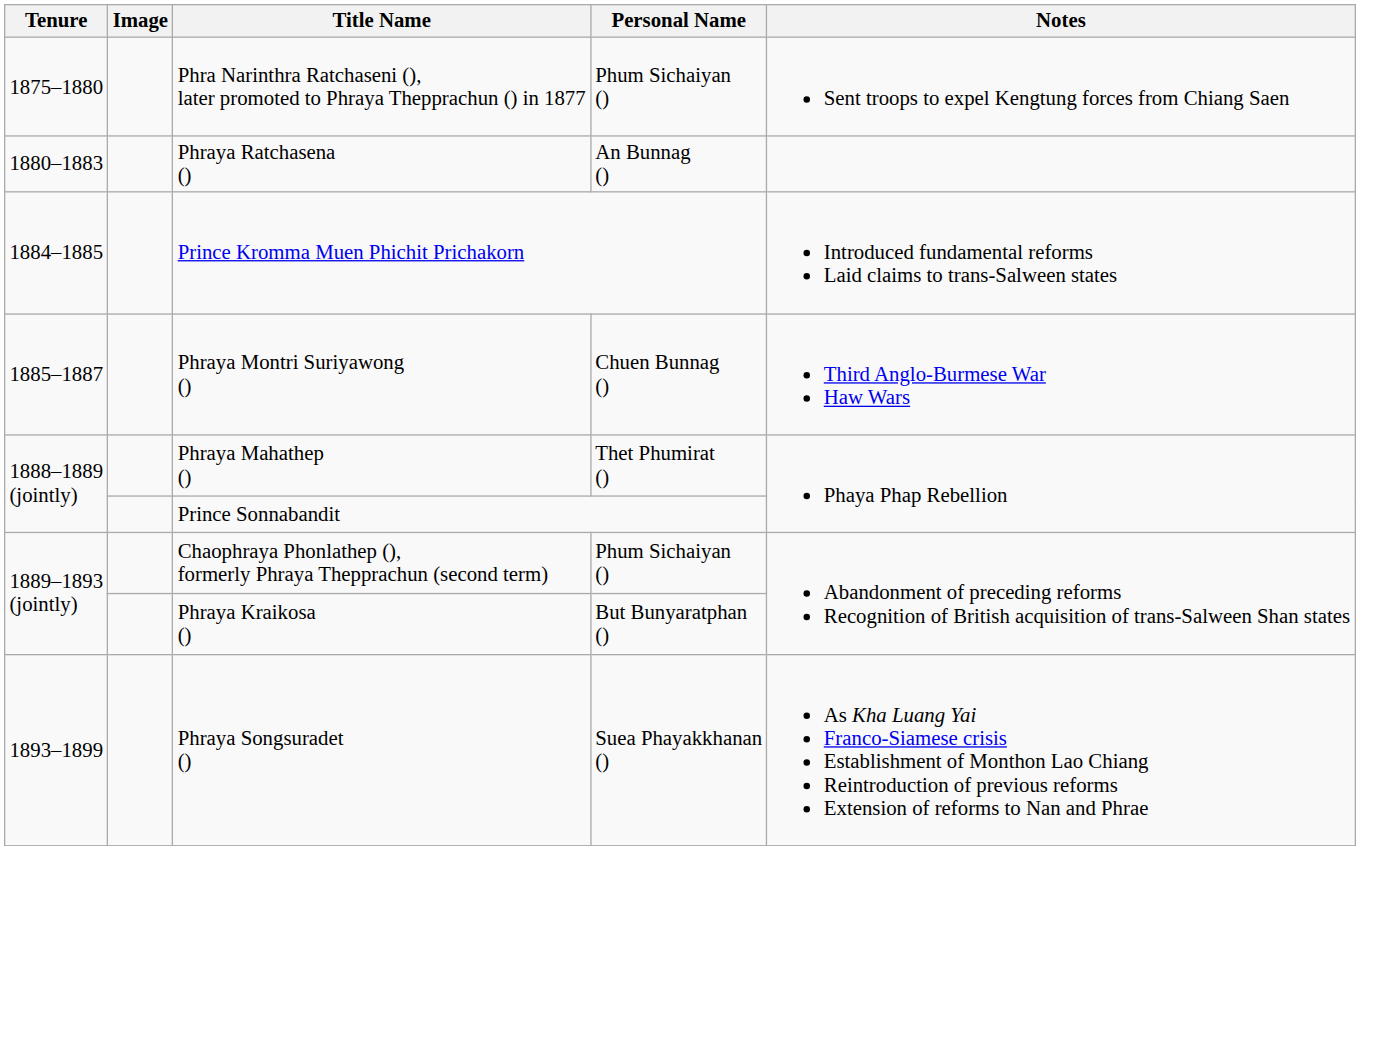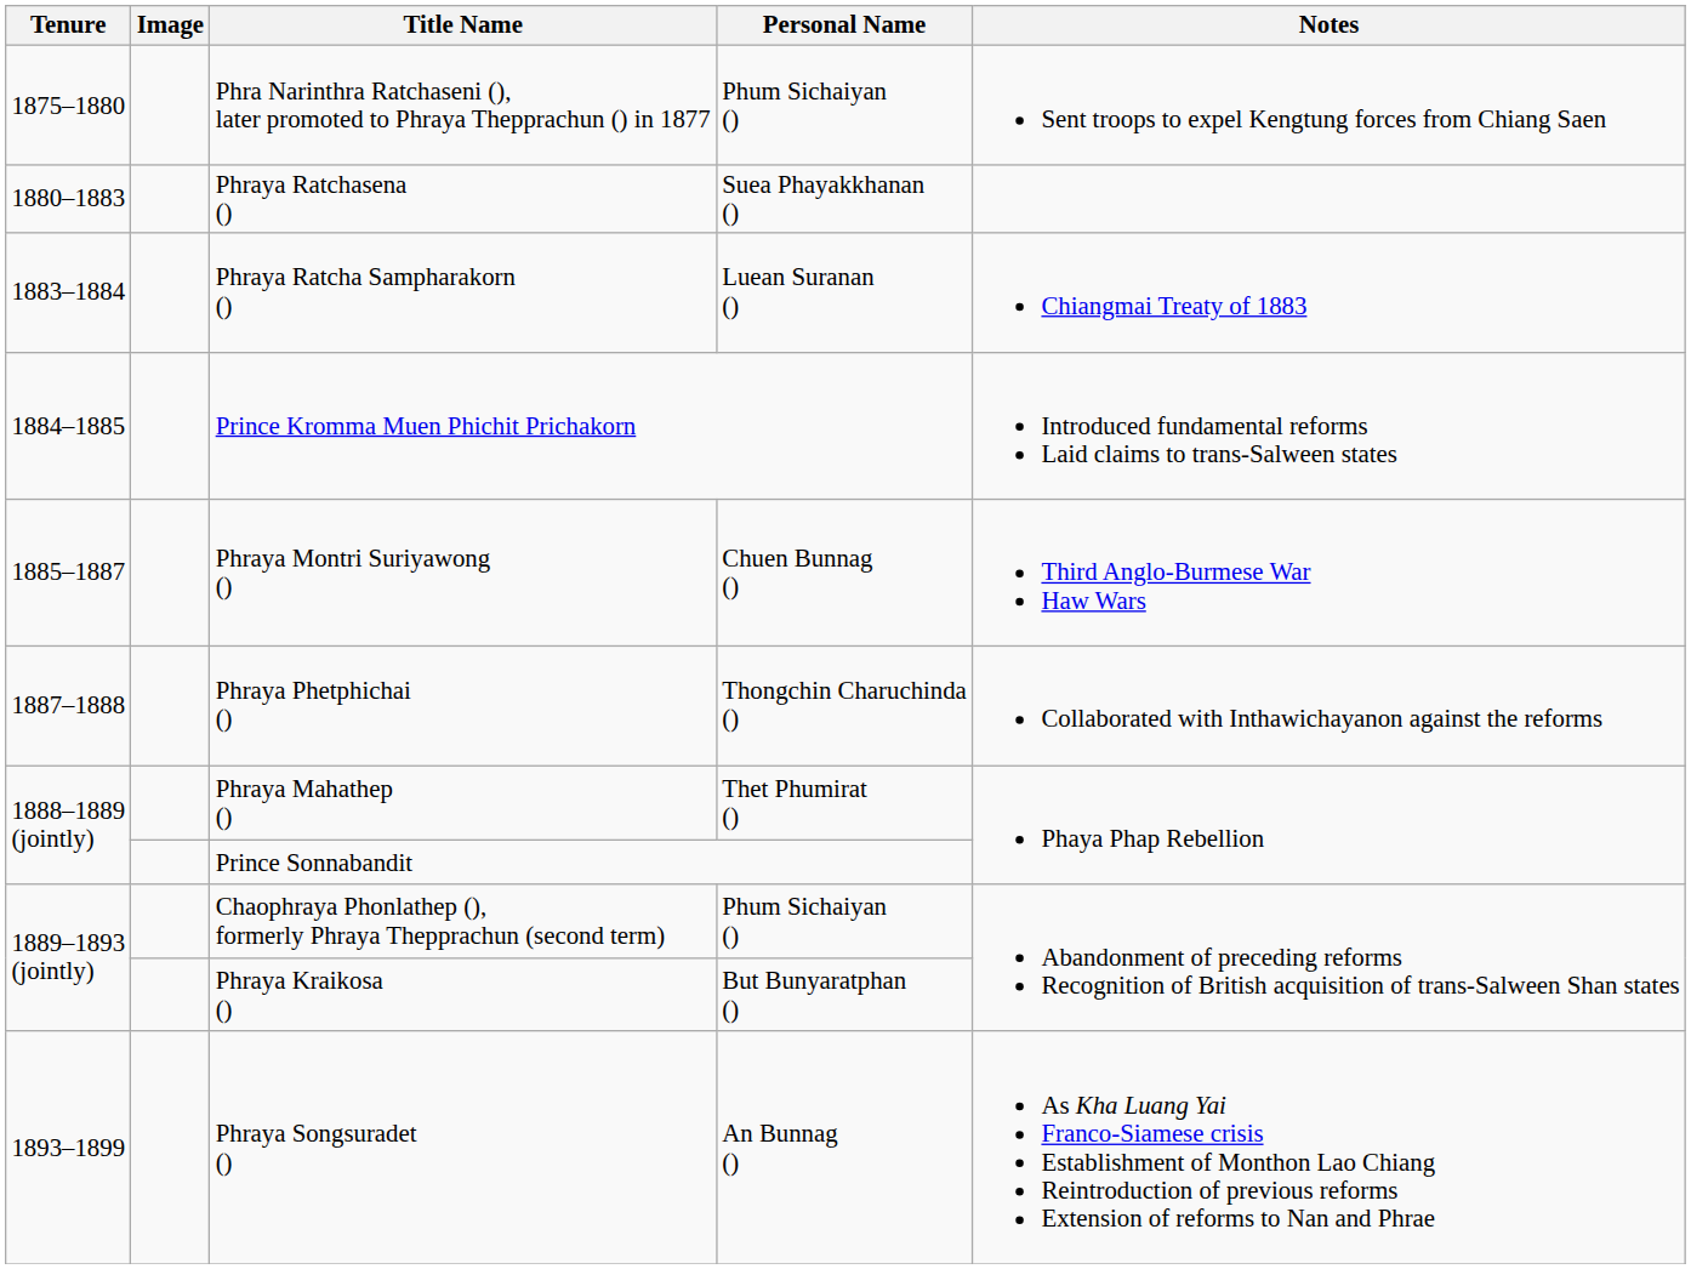 <table class="wikitable">
 <tr>
 <th>Tenure</th>
 <th>Image</th>
 <th>Title Name</th>
 <th>Personal Name</th>
 <th>Notes</th>
 </tr>
 <tr>
 <td>1875–1880</td>
 <td></td>
 <td>Phra Narinthra Ratchaseni (),<br>later promoted to Phraya Thepprachun () in 1877</td>
 <td>Phum Sichaiyan<br>()</td>
 <td><br><ul><li>Sent troops to expel Kengtung forces from Chiang Saen</li></ul></td>
 </tr>
 <tr>
 <td>1880–1883</td>
 <td></td>
 <td>Phraya Ratchasena<br>()</td>
-<td>An Bunnag<br>()</td>
+<td>Suea Phayakkhanan<br>()</td>
 <td></td>
+</tr>
+<tr>
+<td>1883–1884</td>
+<td></td>
+<td>Phraya Ratcha Sampharakorn<br>()</td>
+<td>Luean Suranan<br>()</td>
+<td><br><ul><li><a href='#'>Chiangmai Treaty of 1883</a></li></ul></td>
 </tr>
 <tr>
 <td>1884–1885</td>
 <td></td>
 <td colspan="2"><a href='#'>Prince Kromma Muen Phichit Prichakorn</a></td>
 <td><br><ul><li>Introduced fundamental reforms</li><li>Laid claims to trans-Salween states</li></ul></td>
 </tr>
 <tr>
 <td>1885–1887</td>
 <td></td>
 <td>Phraya Montri Suriyawong<br>()</td>
 <td>Chuen Bunnag<br>()</td>
 <td><br><ul><li><a href='#'>Third Anglo-Burmese War</a></li><li><a href='#'>Haw Wars</a></li></ul></td>
+</tr>
+<tr>
+<td>1887–1888</td>
+<td></td>
+<td>Phraya Phetphichai<br>()</td>
+<td>Thongchin Charuchinda<br>()</td>
+<td><br><ul><li>Collaborated with Inthawichayanon against the reforms</li></ul></td>
 </tr>
 <tr>
 <td rowspan="2">1888–1889<br>(jointly)</td>
 <td></td>
 <td>Phraya Mahathep<br>()</td>
 <td>Thet Phumirat<br>()</td>
 <td rowspan="2"><br><ul><li>Phaya Phap Rebellion</li></ul></td>
 </tr>
 <tr>
 <td></td>
 <td colspan="2">Prince Sonnabandit</td>
 </tr>
 <tr>
 <td rowspan="2">1889–1893<br>(jointly)</td>
 <td></td>
 <td>Chaophraya Phonlathep (),<br>formerly Phraya Thepprachun (second term)</td>
 <td>Phum Sichaiyan<br>()</td>
 <td rowspan="2"><br><ul><li>Abandonment of preceding reforms</li><li>Recognition of British acquisition of trans-Salween Shan states</li></ul></td>
 </tr>
 <tr>
 <td></td>
 <td>Phraya Kraikosa<br>()</td>
 <td>But Bunyaratphan<br>()</td>
 </tr>
 <tr>
 <td>1893–1899</td>
 <td></td>
 <td>Phraya Songsuradet<br>()</td>
-<td>Suea Phayakkhanan<br>()</td>
+<td>An Bunnag<br>()</td>
 <td><br><ul><li>As <em>Kha Luang Yai</em></li><li><a href='#'>Franco-Siamese crisis</a></li><li>Establishment of Monthon Lao Chiang</li><li>Reintroduction of previous reforms</li><li>Extension of reforms to Nan and Phrae</li></ul></td>
 </tr>
 </table>
